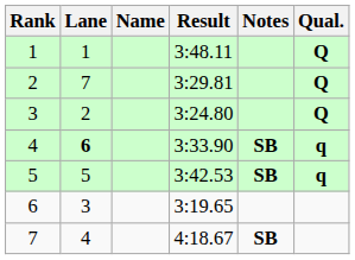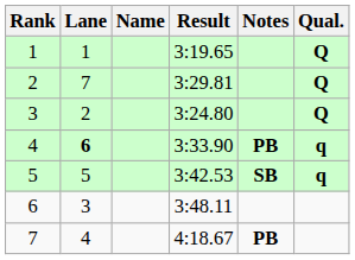 <table class="wikitable" style="text-align:center">
 <tr>
 <th>Rank</th>
 <th>Lane</th>
 <th>Name</th>
 <th>Result</th>
 <th>Notes</th>
 <th>Qual.</th>
 </tr>
 <tr bgcolor=ccffcc>
 <td>1</td>
 <td>1</td>
 <td align="left"></td>
-<td>3:48.11</td>
+<td>3:19.65</td>
 <td></td>
 <td><strong>Q</strong></td>
 </tr>
 <tr bgcolor=ccffcc>
 <td>2</td>
 <td>7</td>
 <td align="left"></td>
 <td>3:29.81</td>
 <td></td>
 <td><strong>Q</strong></td>
 </tr>
 <tr bgcolor=ccffcc>
 <td>3</td>
 <td>2</td>
 <td align="left"></td>
 <td>3:24.80</td>
 <td></td>
 <td><strong>Q</strong></td>
 </tr>
 <tr bgcolor=ccffcc>
 <td>4</td>
 <td><strong>6</strong></td>
 <td align="left"></td>
 <td>3:33.90</td>
-<td><strong>SB</strong></td>
+<td><strong>PB</strong></td>
 <td><strong>q</strong></td>
 </tr>
 <tr bgcolor=ccffcc>
 <td>5</td>
 <td>5</td>
 <td align="left"></td>
 <td>3:42.53</td>
 <td><strong>SB</strong></td>
 <td><strong>q</strong></td>
 </tr>
 <tr>
 <td>6</td>
 <td>3</td>
 <td align="left"></td>
-<td>3:19.65</td>
+<td>3:48.11</td>
 <td></td>
 <td></td>
 </tr>
 <tr>
 <td>7</td>
 <td>4</td>
 <td align="left"></td>
 <td>4:18.67</td>
-<td><strong>SB</strong></td>
+<td><strong>PB</strong></td>
 <td></td>
 </tr>
 </table>
